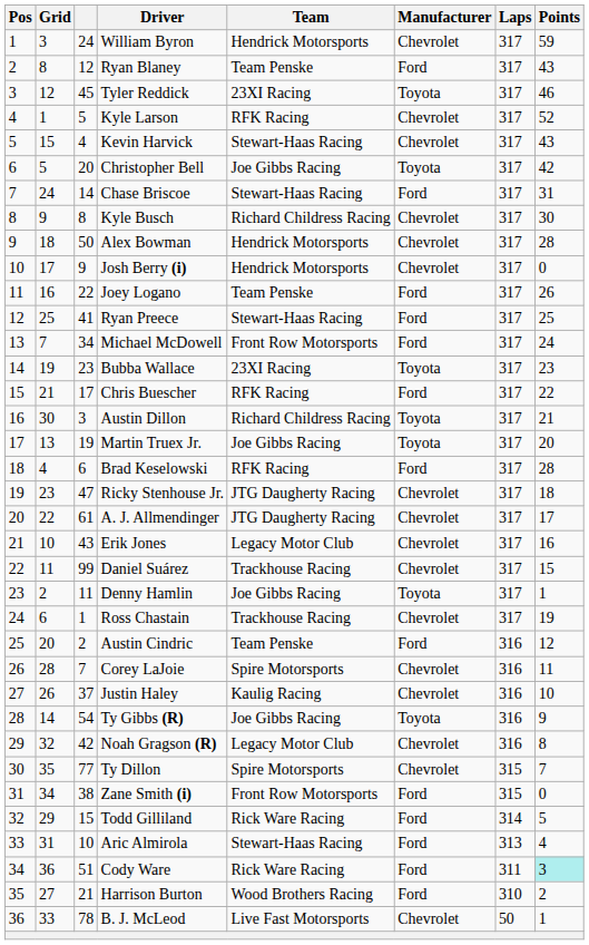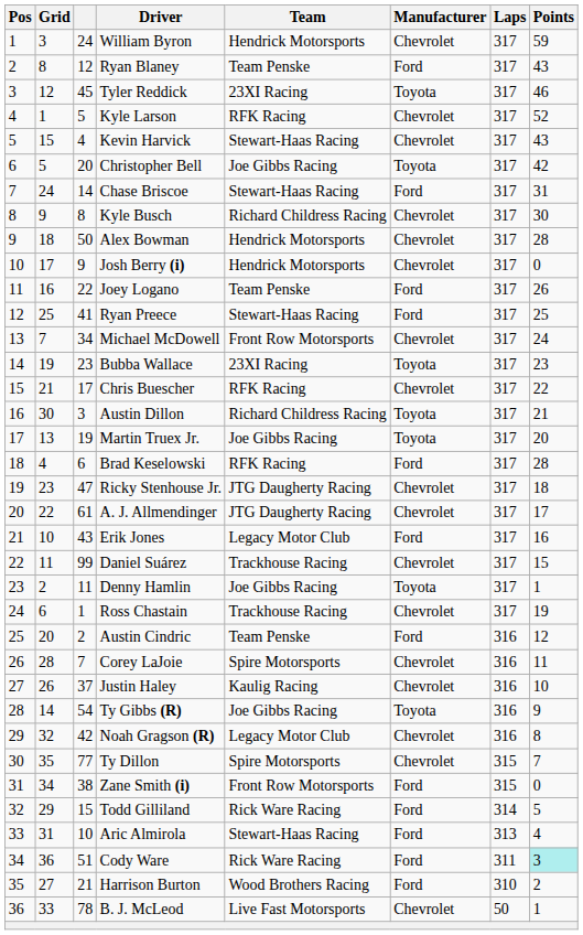 <table class="wikitable" style="font-size:98%">
 <tr>
 <th>Pos</th>
 <th>Grid</th>
 <th></th>
 <th>Driver</th>
 <th>Team</th>
 <th>Manufacturer</th>
 <th>Laps</th>
 <th>Points</th>
 </tr>
 <tr>
 <td>1</td>
 <td>3</td>
 <td>24</td>
 <td>William Byron </td>
 <td>Hendrick Motorsports</td>
 <td>Chevrolet</td>
 <td>317</td>
 <td>59</td>
 </tr>
 <tr>
 <td>2</td>
 <td>8</td>
 <td>12</td>
 <td>Ryan Blaney</td>
 <td>Team Penske</td>
 <td>Ford</td>
 <td>317</td>
 <td>43</td>
 </tr>
 <tr>
 <td>3</td>
 <td>12</td>
 <td>45</td>
 <td>Tyler Reddick</td>
 <td>23XI Racing</td>
 <td>Toyota</td>
 <td>317</td>
 <td>46</td>
 </tr>
 <tr>
 <td>4</td>
 <td>1</td>
 <td>5</td>
 <td>Kyle Larson </td>
 <td>RFK Racing</td>
 <td>Chevrolet</td>
 <td>317</td>
 <td>52</td>
 </tr>
 <tr>
 <td>5</td>
 <td>15</td>
 <td>4</td>
 <td>Kevin Harvick</td>
 <td>Stewart-Haas Racing</td>
 <td>Chevrolet</td>
 <td>317</td>
 <td>43</td>
 </tr>
 <tr>
 <td>6</td>
 <td>5</td>
 <td>20</td>
 <td>Christopher Bell</td>
 <td>Joe Gibbs Racing</td>
 <td>Toyota</td>
 <td>317</td>
 <td>42</td>
 </tr>
 <tr>
 <td>7</td>
 <td>24</td>
 <td>14</td>
 <td>Chase Briscoe</td>
 <td>Stewart-Haas Racing</td>
 <td>Ford</td>
 <td>317</td>
 <td>31</td>
 </tr>
 <tr>
 <td>8</td>
 <td>9</td>
 <td>8</td>
 <td>Kyle Busch</td>
 <td>Richard Childress Racing</td>
 <td>Chevrolet</td>
 <td>317</td>
 <td>30</td>
 </tr>
 <tr>
 <td>9</td>
 <td>18</td>
 <td>50</td>
 <td>Alex Bowman </td>
 <td>Hendrick Motorsports</td>
 <td>Chevrolet</td>
 <td>317</td>
 <td>28</td>
 </tr>
 <tr>
 <td>10</td>
 <td>17</td>
 <td>9</td>
 <td>Josh Berry <strong>(i)</strong> </td>
 <td>Hendrick Motorsports</td>
 <td>Chevrolet</td>
 <td>317</td>
 <td>0</td>
 </tr>
 <tr>
 <td>11</td>
 <td>16</td>
 <td>22</td>
 <td>Joey Logano</td>
 <td>Team Penske</td>
 <td>Ford</td>
 <td>317</td>
 <td>26</td>
 </tr>
 <tr>
 <td>12</td>
 <td>25</td>
 <td>41</td>
 <td>Ryan Preece</td>
 <td>Stewart-Haas Racing</td>
 <td>Ford</td>
 <td>317</td>
 <td>25</td>
 </tr>
 <tr>
 <td>13</td>
 <td>7</td>
 <td>34</td>
 <td>Michael McDowell</td>
 <td>Front Row Motorsports</td>
-<td>Ford</td>
+<td>Chevrolet</td>
 <td>317</td>
 <td>24</td>
 </tr>
 <tr>
 <td>14</td>
 <td>19</td>
 <td>23</td>
 <td>Bubba Wallace</td>
 <td>23XI Racing</td>
 <td>Toyota</td>
 <td>317</td>
 <td>23</td>
 </tr>
 <tr>
 <td>15</td>
 <td>21</td>
 <td>17</td>
 <td>Chris Buescher</td>
 <td>RFK Racing</td>
-<td>Ford</td>
+<td>Chevrolet</td>
 <td>317</td>
 <td>22</td>
 </tr>
 <tr>
 <td>16</td>
 <td>30</td>
 <td>3</td>
 <td>Austin Dillon</td>
 <td>Richard Childress Racing</td>
 <td>Toyota</td>
 <td>317</td>
 <td>21</td>
 </tr>
 <tr>
 <td>17</td>
 <td>13</td>
 <td>19</td>
 <td>Martin Truex Jr.</td>
 <td>Joe Gibbs Racing</td>
 <td>Toyota</td>
 <td>317</td>
 <td>20</td>
 </tr>
 <tr>
 <td>18</td>
 <td>4</td>
 <td>6</td>
 <td>Brad Keselowski</td>
 <td>RFK Racing</td>
 <td>Ford</td>
 <td>317</td>
 <td>28</td>
 </tr>
 <tr>
 <td>19</td>
 <td>23</td>
 <td>47</td>
 <td>Ricky Stenhouse Jr.</td>
 <td>JTG Daugherty Racing</td>
 <td>Chevrolet</td>
 <td>317</td>
 <td>18</td>
 </tr>
 <tr>
 <td>20</td>
 <td>22</td>
 <td>61</td>
 <td>A. J. Allmendinger</td>
 <td>JTG Daugherty Racing</td>
 <td>Chevrolet</td>
 <td>317</td>
 <td>17</td>
 </tr>
 <tr>
 <td>21</td>
 <td>10</td>
 <td>43</td>
 <td>Erik Jones</td>
 <td>Legacy Motor Club</td>
-<td>Chevrolet</td>
+<td>Ford</td>
 <td>317</td>
 <td>16</td>
 </tr>
 <tr>
 <td>22</td>
 <td>11</td>
 <td>99</td>
 <td>Daniel Suárez</td>
 <td>Trackhouse Racing</td>
 <td>Chevrolet</td>
 <td>317</td>
 <td>15</td>
 </tr>
 <tr>
 <td>23</td>
 <td>2</td>
 <td>11</td>
 <td>Denny Hamlin </td>
 <td>Joe Gibbs Racing</td>
 <td>Toyota</td>
 <td>317</td>
 <td>1</td>
 </tr>
 <tr>
 <td>24</td>
 <td>6</td>
 <td>1</td>
 <td>Ross Chastain</td>
 <td>Trackhouse Racing</td>
 <td>Chevrolet</td>
 <td>317</td>
 <td>19</td>
 </tr>
 <tr>
 <td>25</td>
 <td>20</td>
 <td>2</td>
 <td>Austin Cindric</td>
 <td>Team Penske</td>
 <td>Ford</td>
 <td>316</td>
 <td>12</td>
 </tr>
 <tr>
 <td>26</td>
 <td>28</td>
 <td>7</td>
 <td>Corey LaJoie</td>
 <td>Spire Motorsports</td>
 <td>Chevrolet</td>
 <td>316</td>
 <td>11</td>
 </tr>
 <tr>
 <td>27</td>
 <td>26</td>
 <td>37</td>
 <td>Justin Haley </td>
 <td>Kaulig Racing</td>
 <td>Chevrolet</td>
 <td>316</td>
 <td>10</td>
 </tr>
 <tr>
 <td>28</td>
 <td>14</td>
 <td>54</td>
 <td>Ty Gibbs <strong>(R)</strong></td>
 <td>Joe Gibbs Racing</td>
 <td>Toyota</td>
 <td>316</td>
 <td>9</td>
 </tr>
 <tr>
 <td>29</td>
 <td>32</td>
 <td>42</td>
 <td>Noah Gragson <strong>(R)</strong></td>
 <td>Legacy Motor Club</td>
 <td>Chevrolet</td>
 <td>316</td>
 <td>8</td>
 </tr>
 <tr>
 <td>30</td>
 <td>35</td>
 <td>77</td>
 <td>Ty Dillon</td>
 <td>Spire Motorsports</td>
 <td>Chevrolet</td>
 <td>315</td>
 <td>7</td>
 </tr>
 <tr>
 <td>31</td>
 <td>34</td>
 <td>38</td>
 <td>Zane Smith <strong>(i)</strong></td>
 <td>Front Row Motorsports</td>
 <td>Ford</td>
 <td>315</td>
 <td>0</td>
 </tr>
 <tr>
 <td>32</td>
 <td>29</td>
 <td>15</td>
 <td>Todd Gilliland</td>
 <td>Rick Ware Racing</td>
 <td>Ford</td>
 <td>314</td>
 <td>5</td>
 </tr>
 <tr>
 <td>33</td>
 <td>31</td>
 <td>10</td>
 <td>Aric Almirola</td>
 <td>Stewart-Haas Racing</td>
 <td>Ford</td>
 <td>313</td>
 <td>4</td>
 </tr>
 <tr>
 <td>34</td>
 <td>36</td>
 <td>51</td>
 <td>Cody Ware</td>
 <td>Rick Ware Racing</td>
 <td>Ford</td>
 <td>311</td>
 <td style="background: paleturquoise;">3</td>
 </tr>
 <tr>
 <td>35</td>
 <td>27</td>
 <td>21</td>
 <td>Harrison Burton</td>
 <td>Wood Brothers Racing</td>
 <td>Ford</td>
 <td>310</td>
 <td>2</td>
 </tr>
 <tr>
 <td>36</td>
 <td>33</td>
 <td>78</td>
 <td>B. J. McLeod</td>
 <td>Live Fast Motorsports</td>
 <td>Chevrolet</td>
 <td>50</td>
 <td>1</td>
 </tr>
 <tr>
 <th colspan="8"></th>
 </tr>
 </table>
